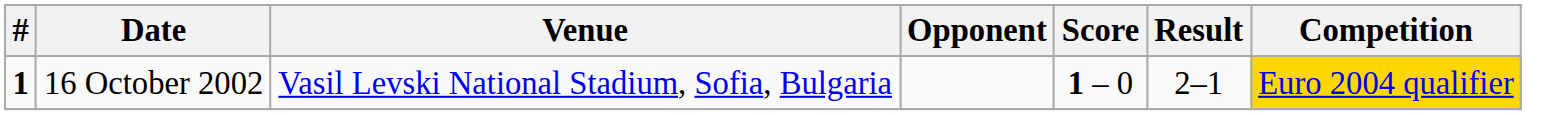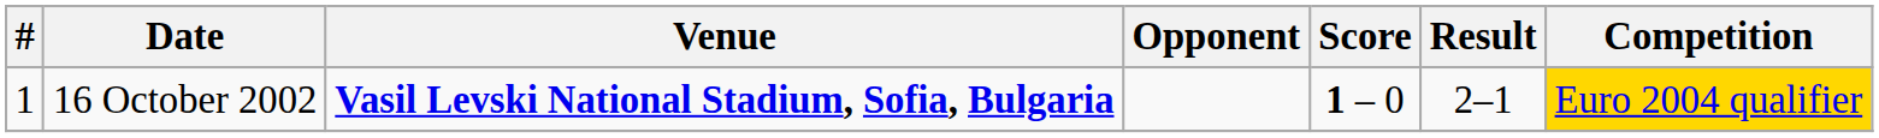 <table class="wikitable" border="1">
 <tr>
 <th>#</th>
 <th>Date</th>
 <th>Venue</th>
 <th>Opponent</th>
 <th>Score</th>
 <th>Result</th>
 <th>Competition</th>
 </tr>
 <tr>
-<td><strong>1</strong></td>
+<td>1</td>
 <td>16 October 2002</td>
-<td><a href='#'>Vasil Levski National Stadium</a>, <a href='#'>Sofia</a>, <a href='#'>Bulgaria</a></td>
+<td><strong><a href='#'>Vasil Levski National Stadium</a>, <a href='#'>Sofia</a>, <a href='#'>Bulgaria</a></strong></td>
 <td></td>
 <td align=center><strong>1</strong> – 0</td>
 <td align=center>2–1</td>
 <td style="background: gold;"><a href='#'>Euro 2004 qualifier</a></td>
 </tr>
 <tr>
 </tr>
 </table>
